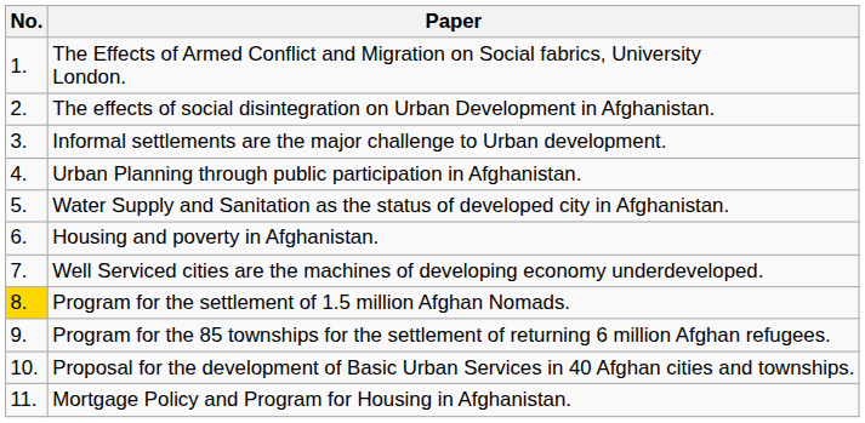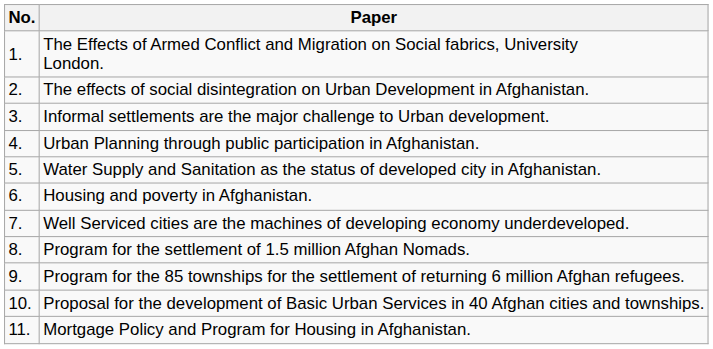 <table class="wikitable">
 <tr>
 <th>No.</th>
 <th>Paper</th>
 </tr>
 <tr>
 <td>1.</td>
 <td>The Effects of Armed Conflict and Migration on Social fabrics, University<br>London.</td>
 </tr>
 <tr>
 <td>2.</td>
 <td>The effects of social disintegration on Urban Development in Afghanistan.</td>
 </tr>
 <tr>
 <td>3.</td>
 <td>Informal settlements are the major challenge to Urban development.</td>
 </tr>
 <tr>
 <td>4.</td>
 <td>Urban Planning through public participation in Afghanistan.</td>
 </tr>
 <tr>
 <td>5.</td>
 <td>Water Supply and Sanitation as the status of developed city in Afghanistan.</td>
 </tr>
 <tr>
 <td>6.</td>
 <td>Housing and poverty in Afghanistan.</td>
 </tr>
 <tr>
 <td>7.</td>
 <td>Well  Serviced  cities are the machines of  developing economy underdeveloped.</td>
 </tr>
 <tr>
-<td style="background: gold;">8.</td>
+<td>8.</td>
 <td>Program for the settlement of 1.5 million Afghan Nomads.</td>
 </tr>
 <tr>
 <td>9.</td>
 <td>Program for the 85 townships  for the settlement of returning 6 million Afghan refugees.</td>
 </tr>
 <tr>
 <td>10.</td>
 <td>Proposal  for the development of Basic Urban Services in 40 Afghan cities and townships.</td>
 </tr>
 <tr>
 <td>11.</td>
 <td>Mortgage  Policy and Program for Housing in Afghanistan.</td>
 </tr>
 </table>
